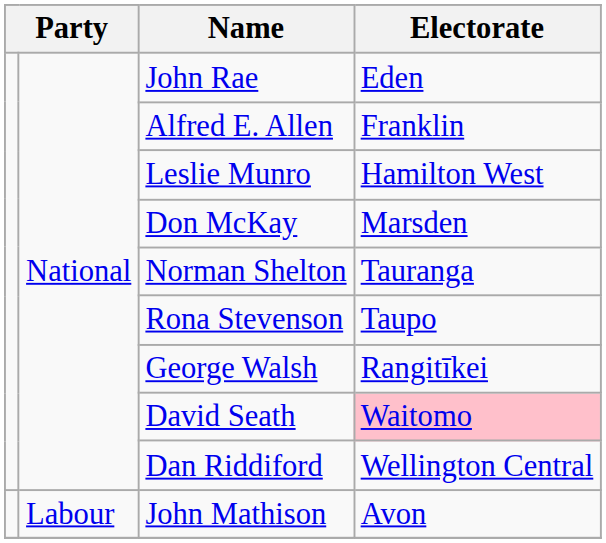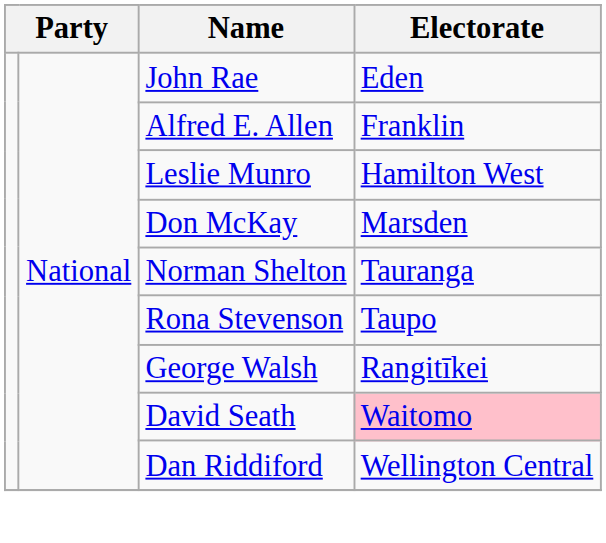 <table class="wikitable">
 <tr>
 <th colspan=2>Party</th>
 <th>Name</th>
 <th>Electorate</th>
 </tr>
 <tr>
 <td rowspan=9 style="background-color: "></td>
 <td rowspan=9><a href='#'>National</a></td>
 <td><a href='#'>John Rae</a></td>
 <td><a href='#'>Eden</a></td>
 </tr>
 <tr>
 <td><a href='#'>Alfred E. Allen</a></td>
 <td><a href='#'>Franklin</a></td>
 </tr>
 <tr>
 <td><a href='#'>Leslie Munro</a></td>
 <td><a href='#'>Hamilton West</a></td>
 </tr>
 <tr>
 <td><a href='#'>Don McKay</a></td>
 <td><a href='#'>Marsden</a></td>
 </tr>
 <tr>
 <td><a href='#'>Norman Shelton</a></td>
 <td><a href='#'>Tauranga</a></td>
 </tr>
 <tr>
 <td><a href='#'>Rona Stevenson</a></td>
 <td><a href='#'>Taupo</a></td>
 </tr>
 <tr>
 <td><a href='#'>George Walsh</a></td>
 <td><a href='#'>Rangitīkei</a></td>
 </tr>
 <tr>
 <td><a href='#'>David Seath</a></td>
 <td style="background: pink;"><a href='#'>Waitomo</a></td>
 </tr>
 <tr>
 <td><a href='#'>Dan Riddiford</a></td>
 <td><a href='#'>Wellington Central</a></td>
 </tr>
 <tr>
-<td style="background-color: "></td>
-<td><a href='#'>Labour</a></td>
-<td><a href='#'>John Mathison</a></td>
-<td><a href='#'>Avon</a></td>
-</tr>
-<tr>
 </tr>
 </table>
